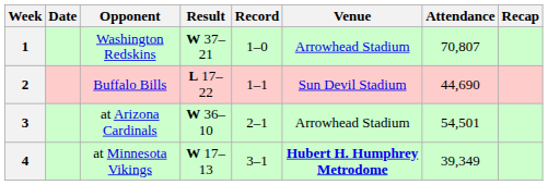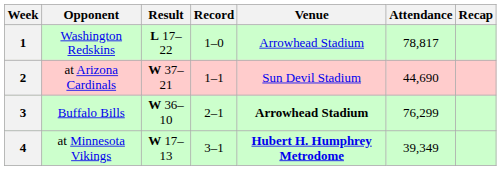 <table class="wikitable" style="text-align:center">
 <tr>
 <th>Week</th>
-<th>Date</th>
 <th>Opponent</th>
 <th>Result</th>
 <th>Record</th>
 <th>Venue</th>
 <th>Attendance</th>
 <th>Recap</th>
 </tr>
 <tr style="background:#cfc">
 <th>1</th>
-<td></td>
 <td><a href='#'>Washington Redskins</a></td>
-<td><strong>W</strong> 37–21</td>
+<td><strong>L</strong> 17–22</td>
 <td>1–0</td>
 <td><a href='#'>Arrowhead Stadium</a></td>
-<td>70,807</td>
+<td>78,817</td>
 <td></td>
 </tr>
 <tr style="background:#fcc">
 <th>2</th>
-<td></td>
-<td><a href='#'>Buffalo Bills</a></td>
-<td><strong>L</strong> 17–22</td>
+<td>at <a href='#'>Arizona Cardinals</a></td>
+<td><strong>W</strong> 37–21</td>
 <td>1–1</td>
 <td><a href='#'>Sun Devil Stadium</a></td>
 <td>44,690</td>
 <td></td>
 </tr>
 <tr style="background:#cfc">
 <th>3</th>
-<td></td>
-<td>at <a href='#'>Arizona Cardinals</a></td>
+<td><a href='#'>Buffalo Bills</a></td>
 <td><strong>W</strong> 36–10</td>
 <td>2–1</td>
-<td>Arrowhead Stadium</td>
-<td>54,501</td>
+<td><strong>Arrowhead Stadium</strong></td>
+<td>76,299</td>
 <td></td>
 </tr>
 <tr style="background:#cfc">
 <th>4</th>
-<td></td>
 <td>at <a href='#'>Minnesota Vikings</a></td>
 <td><strong>W</strong> 17–13</td>
 <td>3–1</td>
 <td><strong><a href='#'>Hubert H. Humphrey Metrodome</a></strong></td>
 <td>39,349</td>
 <td></td>
 </tr>
 </table>
